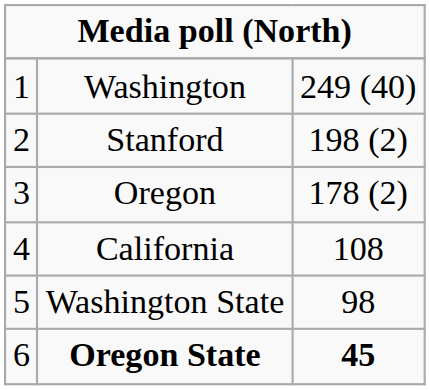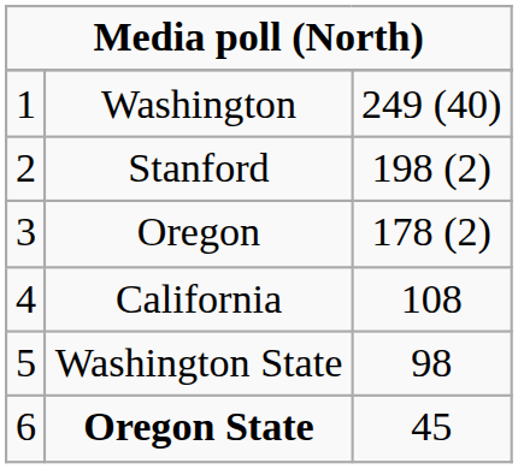 <table class="wikitable">
 <tr align="center">
 <td align="center" Colspan="3"><strong>Media poll (North)</strong></td>
 </tr>
 <tr align="center">
 </tr>
 <tr align="center">
 <td>1</td>
 <td>Washington</td>
 <td>249 (40)</td>
 </tr>
 <tr align="center">
 <td>2</td>
 <td>Stanford</td>
 <td>198 (2)</td>
 </tr>
 <tr align="center">
 <td>3</td>
 <td>Oregon</td>
 <td>178 (2)</td>
 </tr>
 <tr align="center">
 <td>4</td>
 <td>California</td>
 <td>108</td>
 </tr>
 <tr align="center">
 <td>5</td>
 <td>Washington State</td>
 <td>98</td>
 </tr>
 <tr align="center">
 <td>6</td>
 <td><strong>Oregon State</strong></td>
-<td><strong>45</strong></td>
+<td>45</td>
 </tr>
 </table>
